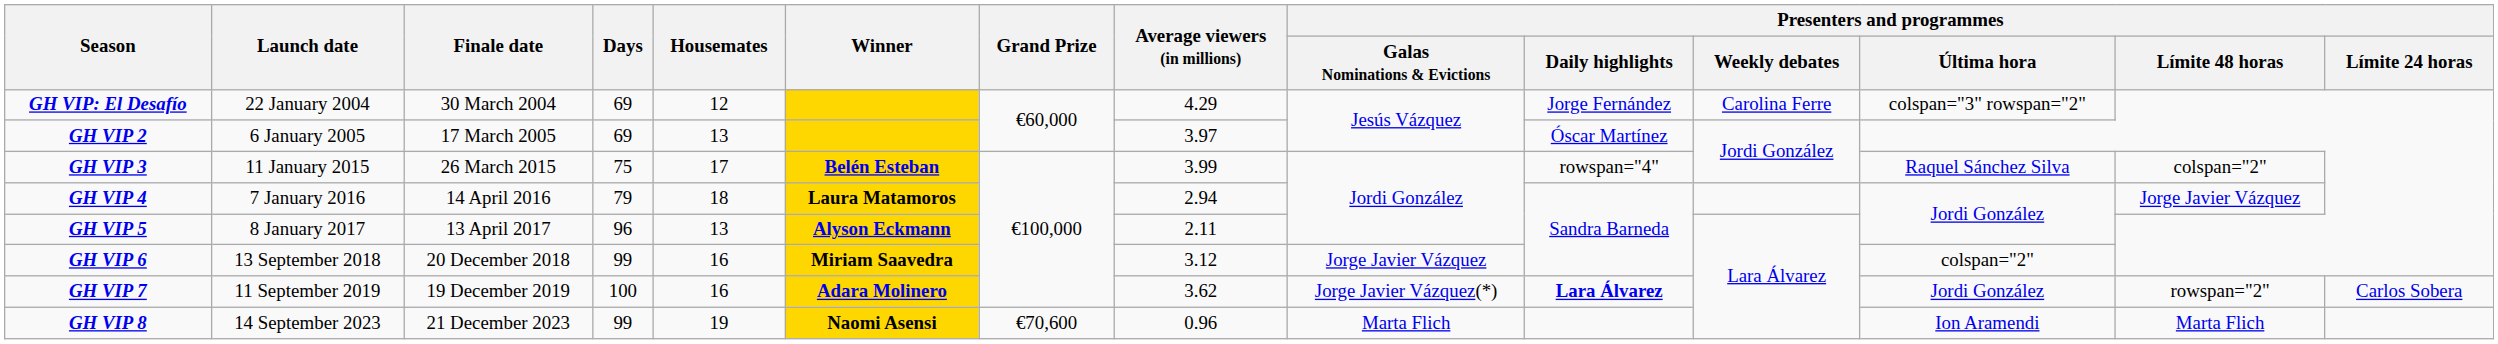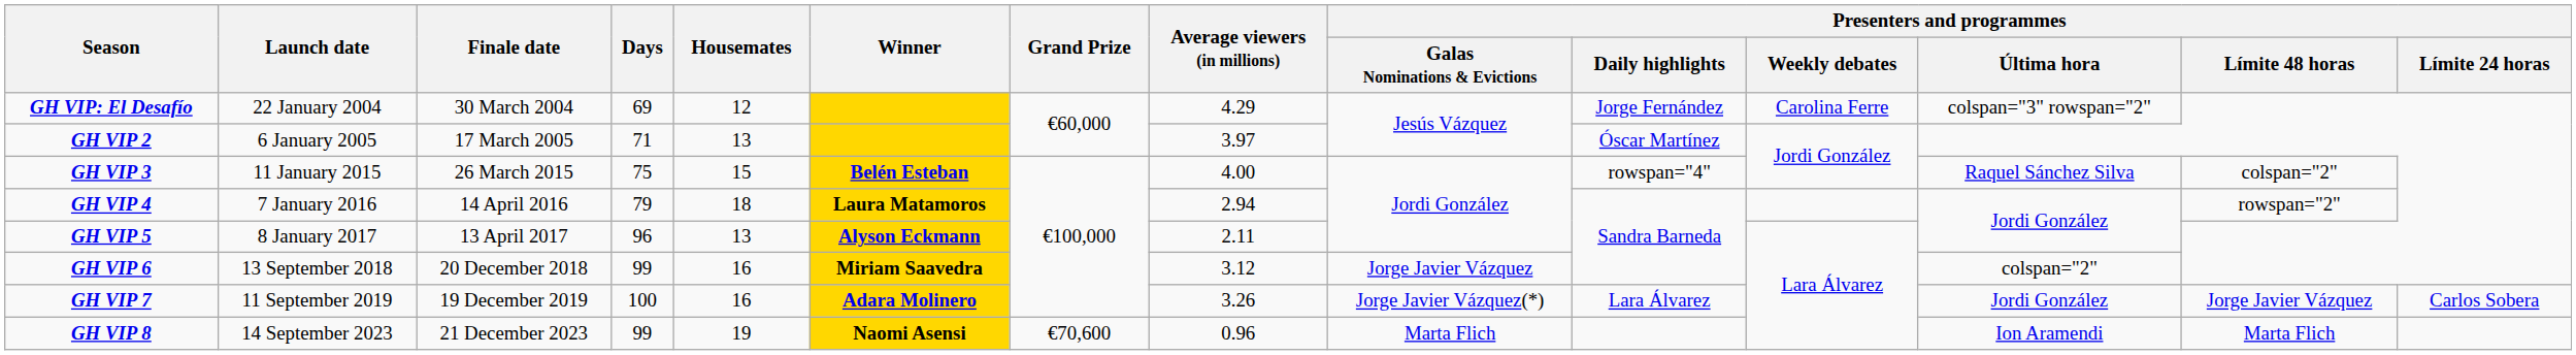 <table class="wikitable" style="font-size:90%; width:120%; text-align:center">
 <tr>
 <th rowspan="2">Season</th>
 <th rowspan="2">Launch date</th>
 <th rowspan="2">Finale date</th>
 <th rowspan="2">Days</th>
 <th rowspan="2">Housemates</th>
 <th rowspan="2">Winner</th>
 <th rowspan="2">Grand Prize</th>
 <th rowspan="2">Average viewers<br><small>(in millions)</small></th>
 <th colspan="6">Presenters and programmes</th>
 </tr>
 <tr>
 <th>Galas<br><small>Nominations & Evictions</small></th>
 <th>Daily highlights</th>
 <th>Weekly debates</th>
 <th>Última hora</th>
 <th>Límite 48 horas</th>
 <th>Límite 24 horas</th>
 </tr>
 <tr>
 <td><strong><em><a href='#'>GH VIP: El Desafío</a></em></strong></td>
 <td>22 January 2004</td>
 <td>30 March 2004</td>
 <td>69</td>
 <td>12</td>
 <td bgcolor="gold"><strong></strong></td>
 <td rowspan="2">€60,000</td>
 <td>4.29</td>
 <td rowspan="2"><a href='#'>Jesús Vázquez</a></td>
 <td><a href='#'>Jorge Fernández</a></td>
 <td><a href='#'>Carolina Ferre</a></td>
 <td>colspan="3" rowspan="2" </td>
 </tr>
 <tr>
 <td><strong><em><a href='#'>GH VIP 2</a></em></strong></td>
 <td>6 January 2005</td>
 <td>17 March 2005</td>
-<td>69</td>
+<td>71</td>
 <td>13</td>
 <td bgcolor="gold"><strong></strong></td>
 <td>3.97</td>
 <td><a href='#'>Óscar Martínez</a></td>
 <td rowspan="2"><a href='#'>Jordi González</a></td>
 </tr>
 <tr>
 <td><strong><em><a href='#'>GH VIP 3</a></em></strong></td>
 <td>11 January 2015</td>
 <td>26 March 2015</td>
 <td>75</td>
-<td>17</td>
+<td>15</td>
 <td bgcolor="gold"><strong><a href='#'>Belén Esteban</a></strong></td>
 <td rowspan="5">€100,000</td>
-<td>3.99</td>
+<td>4.00</td>
 <td rowspan="3"><a href='#'>Jordi González</a></td>
 <td>rowspan="4" </td>
 <td><a href='#'>Raquel Sánchez Silva</a></td>
 <td>colspan="2" </td>
 </tr>
 <tr>
 <td><strong><em><a href='#'>GH VIP 4</a></em></strong></td>
 <td>7 January 2016</td>
 <td>14 April 2016</td>
 <td>79</td>
 <td>18</td>
 <td bgcolor="gold"><strong>Laura Matamoros</strong></td>
 <td>2.94</td>
 <td rowspan="3"><a href='#'>Sandra Barneda</a></td>
 <td></td>
 <td rowspan="2"><a href='#'>Jordi González</a></td>
-<td><a href='#'>Jorge Javier Vázquez</a></td>
+<td>rowspan="2" </td>
 </tr>
 <tr>
 <td><strong><em><a href='#'>GH VIP 5</a></em></strong></td>
 <td>8 January 2017</td>
 <td>13 April 2017</td>
 <td>96</td>
 <td>13</td>
 <td bgcolor="gold"><strong><a href='#'>Alyson Eckmann</a></strong></td>
 <td>2.11</td>
 <td rowspan="4"><a href='#'>Lara Álvarez</a></td>
 </tr>
 <tr>
 <td><strong><em><a href='#'>GH VIP 6</a></em></strong></td>
 <td>13 September 2018</td>
 <td>20 December 2018</td>
 <td>99</td>
 <td>16</td>
 <td bgcolor="gold"><strong>Miriam Saavedra</strong></td>
 <td>3.12</td>
 <td><a href='#'>Jorge Javier Vázquez</a></td>
 <td>colspan="2" </td>
 </tr>
 <tr>
 <td><strong><em><a href='#'>GH VIP 7</a></em></strong></td>
 <td>11 September 2019</td>
 <td>19 December 2019</td>
 <td>100</td>
 <td>16</td>
 <td bgcolor="gold"><a href='#'><strong>Adara Molinero</strong></a></td>
-<td>3.62</td>
+<td>3.26</td>
 <td><a href='#'>Jorge Javier Vázquez</a>(*)</td>
-<td><strong><a href='#'>Lara Álvarez</a></strong></td>
+<td><a href='#'>Lara Álvarez</a></td>
 <td><a href='#'>Jordi González</a></td>
-<td>rowspan="2" </td>
+<td><a href='#'>Jorge Javier Vázquez</a></td>
 <td><a href='#'>Carlos Sobera</a></td>
 </tr>
 <tr>
 <td><strong><em><a href='#'>GH VIP 8</a></em></strong></td>
 <td>14 September 2023</td>
 <td>21 December 2023</td>
 <td>99</td>
 <td>19</td>
 <td bgcolor="gold"><strong>Naomi Asensi</strong></td>
 <td>€70,600</td>
 <td>0.96</td>
 <td><a href='#'>Marta Flich</a></td>
 <td></td>
 <td><a href='#'>Ion Aramendi</a></td>
 <td><a href='#'>Marta Flich</a></td>
 <td></td>
 </tr>
 </table>
